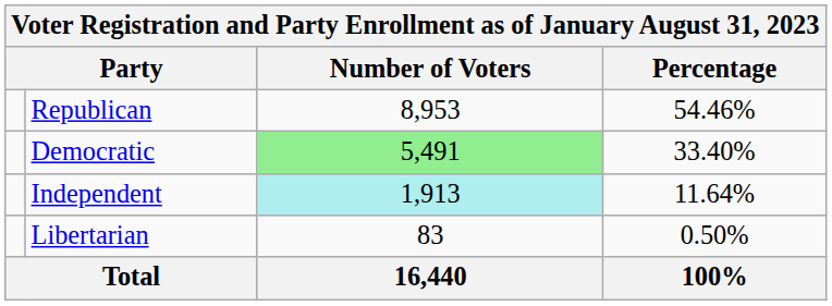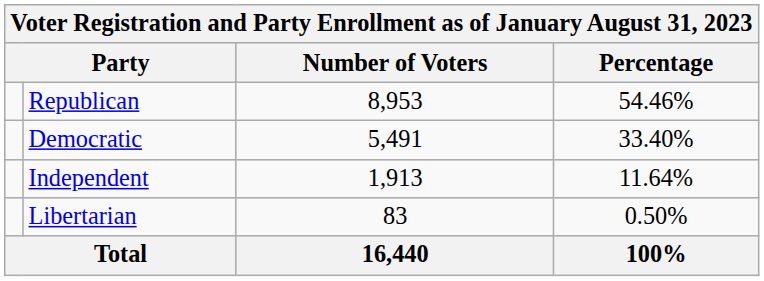 <table class=wikitable>
 <tr>
 <th colspan = 6>Voter Registration and Party Enrollment as of January August 31, 2023</th>
 </tr>
 <tr>
 <th colspan = 2>Party</th>
 <th>Number of Voters</th>
 <th>Percentage</th>
 </tr>
 <tr>
 <td></td>
 <td><a href='#'>Republican</a></td>
 <td align = center>8,953</td>
 <td align = center>54.46%</td>
 </tr>
 <tr>
 <td></td>
 <td><a href='#'>Democratic</a></td>
-<td align = center style="background: lightgreen;">5,491</td>
+<td align = center>5,491</td>
 <td align = center>33.40%</td>
 </tr>
 <tr>
 <td></td>
 <td><a href='#'>Independent</a></td>
-<td align = center style="background: paleturquoise;">1,913</td>
+<td align = center>1,913</td>
 <td align = center>11.64%</td>
 </tr>
 <tr>
 <td></td>
 <td><a href='#'>Libertarian</a></td>
 <td align = center>83</td>
 <td align = center>0.50%</td>
 </tr>
 <tr>
 <th colspan = 2>Total</th>
 <th align = center>16,440</th>
 <th align = center>100%</th>
 </tr>
 </table>
